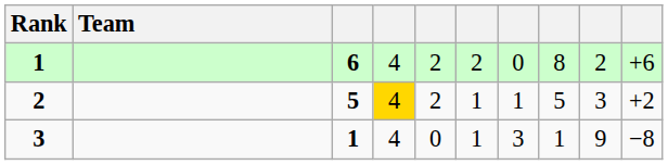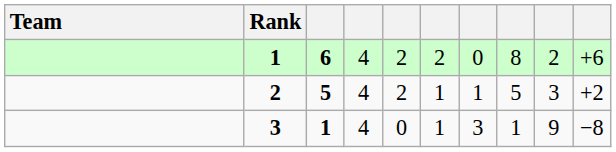 <table class="wikitable" style="text-align: center;">
 <tr>
+<th width=165 style="text-align:left;">Team</th>
 <th width=30>Rank</th>
-<th width=165 style="text-align:left;">Team</th>
 <th width=20></th>
 <th width=20></th>
 <th width=20></th>
 <th width=20></th>
 <th width=20></th>
 <th width=20></th>
 <th width=20></th>
 <th width=20></th>
 </tr>
 <tr style="background:#ccffcc;">
+<td style="text-align:left;"></td>
 <td><strong>1</strong></td>
-<td style="text-align:left;"></td>
 <td><strong>6</strong></td>
 <td>4</td>
 <td>2</td>
 <td>2</td>
 <td>0</td>
 <td>8</td>
 <td>2</td>
 <td>+6</td>
 </tr>
 <tr>
+<td style="text-align:left;"></td>
 <td><strong>2</strong></td>
-<td style="text-align:left;"></td>
 <td><strong>5</strong></td>
-<td style="background: gold;">4</td>
+<td>4</td>
 <td>2</td>
 <td>1</td>
 <td>1</td>
 <td>5</td>
 <td>3</td>
 <td>+2</td>
 </tr>
 <tr>
+<td style="text-align:left;"></td>
 <td><strong>3</strong></td>
-<td style="text-align:left;"></td>
 <td><strong>1</strong></td>
 <td>4</td>
 <td>0</td>
 <td>1</td>
 <td>3</td>
 <td>1</td>
 <td>9</td>
 <td>−8</td>
 </tr>
 </table>
